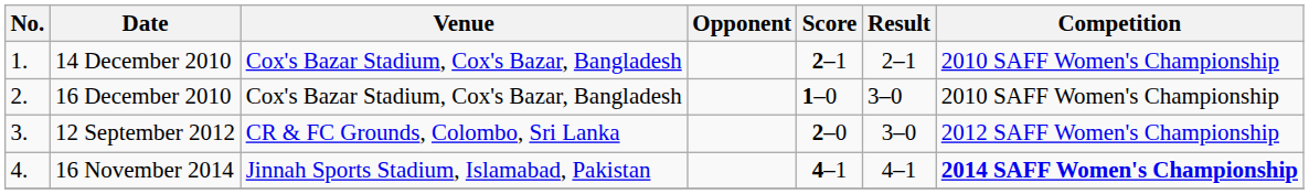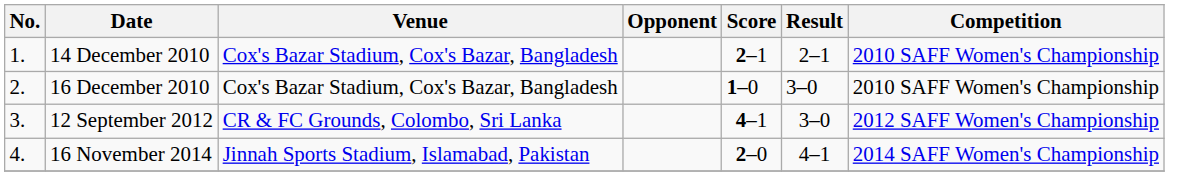 <table class="wikitable">
 <tr>
 <th>No.</th>
 <th>Date</th>
 <th>Venue</th>
 <th>Opponent</th>
 <th>Score</th>
 <th>Result</th>
 <th>Competition</th>
 </tr>
 <tr>
 <td>1.</td>
 <td>14 December 2010</td>
 <td><a href='#'>Cox's Bazar Stadium</a>, <a href='#'>Cox's Bazar</a>, <a href='#'>Bangladesh</a></td>
 <td></td>
 <td align=center><strong>2</strong>–1</td>
 <td align=center>2–1</td>
 <td><a href='#'>2010 SAFF Women's Championship</a></td>
 </tr>
 <tr>
 <td>2.</td>
 <td>16 December 2010</td>
 <td>Cox's Bazar Stadium, Cox's Bazar, Bangladesh</td>
 <td></td>
 <td><strong>1</strong>–0</td>
 <td>3–0</td>
 <td>2010 SAFF Women's Championship</td>
 </tr>
 <tr>
 <td>3.</td>
 <td>12 September 2012</td>
 <td><a href='#'>CR & FC Grounds</a>, <a href='#'>Colombo</a>, <a href='#'>Sri Lanka</a></td>
 <td></td>
-<td align=center><strong>2</strong>–0</td>
+<td align=center><strong>4</strong>–1</td>
 <td align=center>3–0</td>
 <td><a href='#'>2012 SAFF Women's Championship</a></td>
 </tr>
 <tr>
 <td>4.</td>
 <td>16 November 2014</td>
 <td><a href='#'>Jinnah Sports Stadium</a>, <a href='#'>Islamabad</a>, <a href='#'>Pakistan</a></td>
 <td></td>
-<td align=center><strong>4</strong>–1</td>
+<td align=center><strong>2</strong>–0</td>
 <td align=center>4–1</td>
-<td><strong><a href='#'>2014 SAFF Women's Championship</a></strong></td>
+<td><a href='#'>2014 SAFF Women's Championship</a></td>
 </tr>
 <tr>
 </tr>
 </table>
